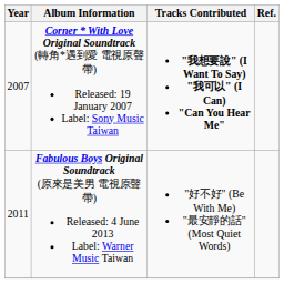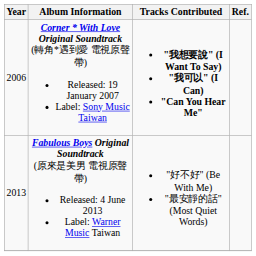 <table class="wikitable" style="text-align:center" width=65%>
 <tr>
 <th>Year</th>
 <th>Album Information</th>
 <th>Tracks Contributed</th>
 <th>Ref.</th>
 </tr>
 <tr>
-<td>2007</td>
+<td>2006</td>
 <td><strong><em><a href='#'>Corner * With Love</a> Original Soundtrack</em></strong><br>(轉角*遇到愛 電視原聲帶)<br><ul><li>Released: 19 January 2007</li><li>Label: <a href='#'>Sony Music Taiwan</a></li></ul></td>
 <td><strong><br><ul><li>"我想要說" (I Want To Say)</li><li>"我可以" (I Can)</li><li>"Can You Hear Me"</li></ul></strong></td>
 <td></td>
 </tr>
 <tr>
-<td>2011</td>
+<td>2013</td>
 <td><strong><em><a href='#'>Fabulous Boys</a> Original Soundtrack</em></strong><br>(原來是美男 電視原聲帶)<br><ul><li>Released: 4 June 2013</li><li>Label: <a href='#'>Warner Music</a> Taiwan</li></ul></td>
 <td><br><ul><li>"好不好" (Be With Me)</li><li>"最安靜的話" (Most Quiet Words)</li></ul></td>
 <td></td>
 </tr>
 <tr>
 </tr>
 </table>
